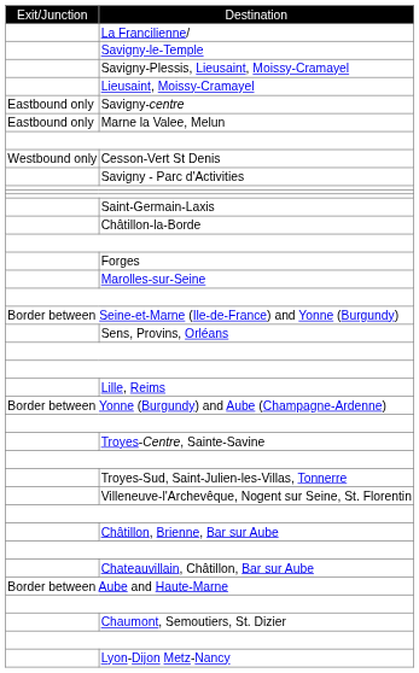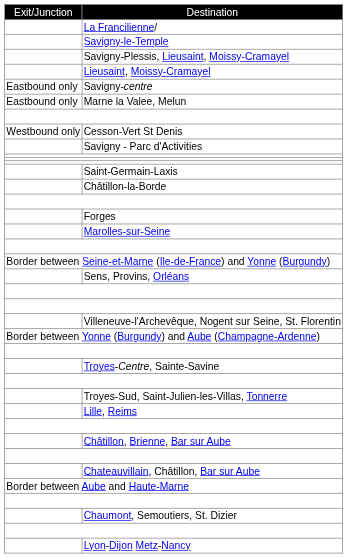 <table border=1 cellpadding=2 style="margin-left:1em; margin-bottom: 1em; color: black; border-collapse: collapse; font-size: 95%;">
 <tr align="center" bgcolor="FFFFFF" style="color: white;font-size:120%;">
 </tr>
 <tr align="center" bgcolor="000000" style="color: white">
 <td>Exit/Junction</td>
 <td>Destination</td>
 </tr>
 <tr>
 <td> </td>
 <td><a href='#'>La Francilienne</a>/ </td>
 </tr>
 <tr>
 <td></td>
 <td><a href='#'>Savigny-le-Temple</a></td>
 </tr>
 <tr>
 <td></td>
 <td>Savigny-Plessis, <a href='#'>Lieusaint</a>, <a href='#'>Moissy-Cramayel</a></td>
 </tr>
 <tr>
 <td></td>
 <td><a href='#'>Lieusaint</a>, <a href='#'>Moissy-Cramayel</a></td>
 </tr>
 <tr>
 <td> Eastbound only</td>
 <td>Savigny-<em>centre</em></td>
 </tr>
 <tr>
 <td> Eastbound only</td>
 <td>  Marne la Valee, Melun</td>
 </tr>
 <tr>
 <td colspan="2"> <br> </td>
 </tr>
 <tr>
 <td> Westbound only</td>
 <td>Cesson-Vert St Denis</td>
 </tr>
 <tr>
 <td> </td>
 <td>Savigny - Parc d'Activities</td>
 </tr>
 <tr>
 <td colspan="2"></td>
 </tr>
 <tr>
 <td colspan="2"></td>
 </tr>
 <tr>
 <td colspan="2"></td>
 </tr>
 <tr>
 <td></td>
 <td>Saint-Germain-Laxis</td>
 </tr>
 <tr>
 <td></td>
 <td>Châtillon-la-Borde</td>
 </tr>
 <tr>
 <td colspan="2"> <br> </td>
 </tr>
 <tr>
 <td></td>
 <td>Forges</td>
 </tr>
 <tr>
 <td></td>
 <td><a href='#'>Marolles-sur-Seine</a></td>
 </tr>
 <tr>
 <td colspan="2"> <br> </td>
 </tr>
 <tr>
 <td colspan="2">Border between <a href='#'>Seine-et-Marne</a> (<a href='#'>Ile-de-France</a>) and <a href='#'>Yonne</a> (<a href='#'>Burgundy</a>)</td>
 </tr>
 <tr>
 <td> </td>
 <td> Sens, Provins, <a href='#'>Orléans</a></td>
 </tr>
 <tr>
 <td colspan="2"> <br> </td>
 </tr>
 <tr>
 <td colspan="2"> <br> </td>
 </tr>
 <tr>
 <td></td>
-<td> <a href='#'>Lille</a>, <a href='#'>Reims</a></td>
+<td>Villeneuve-l'Archevêque, Nogent sur Seine, St. Florentin</td>
 </tr>
 <tr>
 <td colspan="2">Border between <a href='#'>Yonne</a> (<a href='#'>Burgundy</a>) and <a href='#'>Aube</a> (<a href='#'>Champagne-Ardenne</a>)</td>
 </tr>
 <tr>
 <td colspan="2"> <br> </td>
 </tr>
 <tr>
 <td></td>
 <td><a href='#'>Troyes</a>-<em>Centre</em>, Sainte-Savine</td>
 </tr>
 <tr>
 <td colspan="2"> <br> </td>
 </tr>
 <tr>
 <td></td>
 <td>Troyes-Sud, Saint-Julien-les-Villas, <a href='#'>Tonnerre</a></td>
 </tr>
 <tr>
 <td> </td>
-<td>Villeneuve-l'Archevêque, Nogent sur Seine, St. Florentin</td>
+<td> <a href='#'>Lille</a>, <a href='#'>Reims</a></td>
 </tr>
 <tr>
 <td colspan="2"> <br> </td>
 </tr>
 <tr>
 <td></td>
 <td><a href='#'>Châtillon</a>, <a href='#'>Brienne</a>, <a href='#'>Bar sur Aube</a></td>
 </tr>
 <tr>
 <td colspan="2"> <br> </td>
 </tr>
 <tr>
 <td></td>
 <td> <a href='#'>Chateauvillain</a>, Châtillon, <a href='#'>Bar sur Aube</a></td>
 </tr>
 <tr>
 <td colspan="2">Border between <a href='#'>Aube</a> and <a href='#'>Haute-Marne</a></td>
 </tr>
 <tr>
 <td colspan="2"> <br> </td>
 </tr>
 <tr>
 <td></td>
 <td><a href='#'>Chaumont</a>, Semoutiers, St. Dizier</td>
 </tr>
 <tr>
 <td colspan="2"> <br> </td>
 </tr>
 <tr>
 <td> </td>
 <td><a href='#'>Lyon</a>-<a href='#'>Dijon</a> <a href='#'>Metz</a>-<a href='#'>Nancy</a></td>
 </tr>
 </table>
